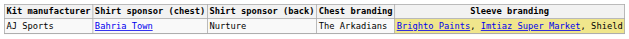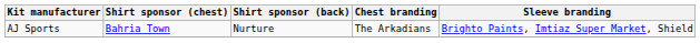 <table class="wikitable"  style="font-size:85%;">
 <tr>
 <th>Kit manufacturer</th>
 <th>Shirt sponsor (chest)</th>
 <th>Shirt sponsor (back)</th>
 <th>Chest branding</th>
 <th>Sleeve branding</th>
 </tr>
 <tr>
 <td>AJ Sports</td>
 <td><a href='#'>Bahria Town</a></td>
 <td>Nurture</td>
 <td>The Arkadians</td>
-<td style="background: khaki;"><a href='#'>Brighto Paints</a>, <a href='#'>Imtiaz Super Market</a>, Shield</td>
+<td><a href='#'>Brighto Paints</a>, <a href='#'>Imtiaz Super Market</a>, Shield</td>
 </tr>
 <tr>
 </tr>
 </table>
